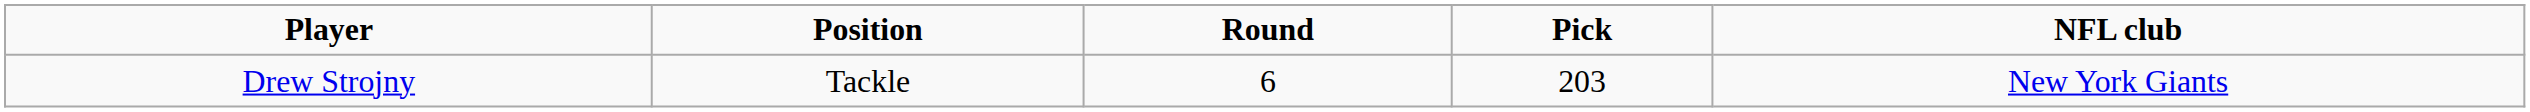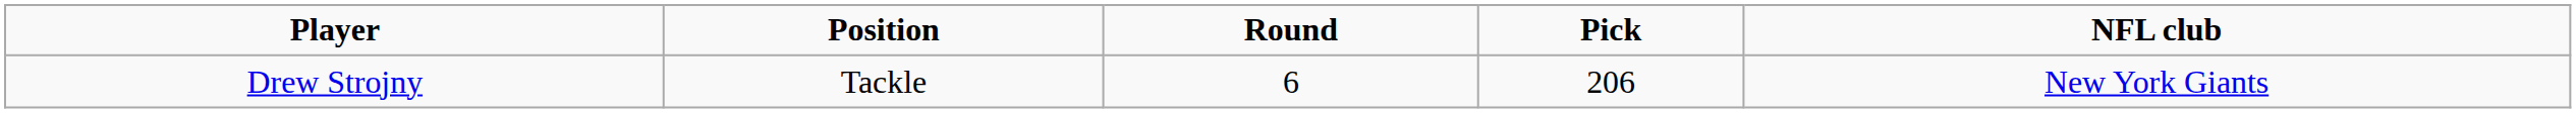 <table class="wikitable" width="80%">
 <tr align="center">
 <td><strong>Player</strong></td>
 <td><strong>Position</strong></td>
 <td><strong>Round</strong></td>
 <td><strong>Pick</strong></td>
 <td><strong>NFL club</strong></td>
 </tr>
 <tr align="center" bgcolor="">
 <td><a href='#'>Drew Strojny</a></td>
 <td>Tackle</td>
 <td>6</td>
-<td>203</td>
+<td>206</td>
 <td><a href='#'>New York Giants</a></td>
 </tr>
 </table>
